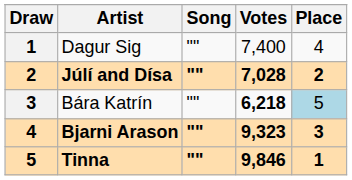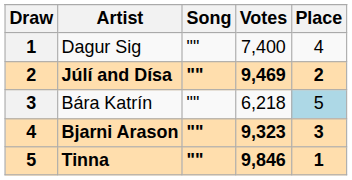 <table class="sortable wikitable plainrowheaders" style="margin: 1em auto 1em auto">
 <tr>
 </tr>
 <tr>
 <th scope="col">Draw</th>
 <th scope="col">Artist</th>
 <th scope="col">Song</th>
 <th scope="col">Votes</th>
 <th scope="col">Place</th>
 </tr>
 <tr>
 <th scope="row" style="text-align:center;">1</th>
 <td>Dagur Sig</td>
 <td>""</td>
 <td align="center">7,400</td>
 <td align="center">4</td>
 </tr>
 <tr style="font-weight:bold; background-color:navajowhite;">
 <th scope="row" style="text-align:center; font-weight:bold; background-color:navajowhite;">2</th>
 <td>Júlí and Dísa</td>
 <td>""</td>
-<td align="center">7,028</td>
+<td align="center">9,469</td>
 <td align="center">2</td>
 </tr>
 <tr>
 <th scope="row" style="text-align:center;">3</th>
 <td>Bára Katrín</td>
 <td>""</td>
-<td align="center"><strong>6,218</strong></td>
+<td align="center">6,218</td>
 <td align="center" style="background: lightblue;">5</td>
 </tr>
 <tr style="font-weight:bold; background-color:navajowhite;">
 <th scope="row" style="text-align:center; font-weight:bold; background-color:navajowhite;">4</th>
 <td>Bjarni Arason</td>
 <td>""</td>
 <td align="center">9,323</td>
 <td align="center">3</td>
 </tr>
 <tr style="font-weight:bold; background-color:navajowhite;">
 <th scope="row" style="text-align:center; font-weight:bold; background-color:navajowhite;">5</th>
 <td>Tinna</td>
 <td>""</td>
 <td align="center">9,846</td>
 <td align="center">1</td>
 </tr>
 </table>
